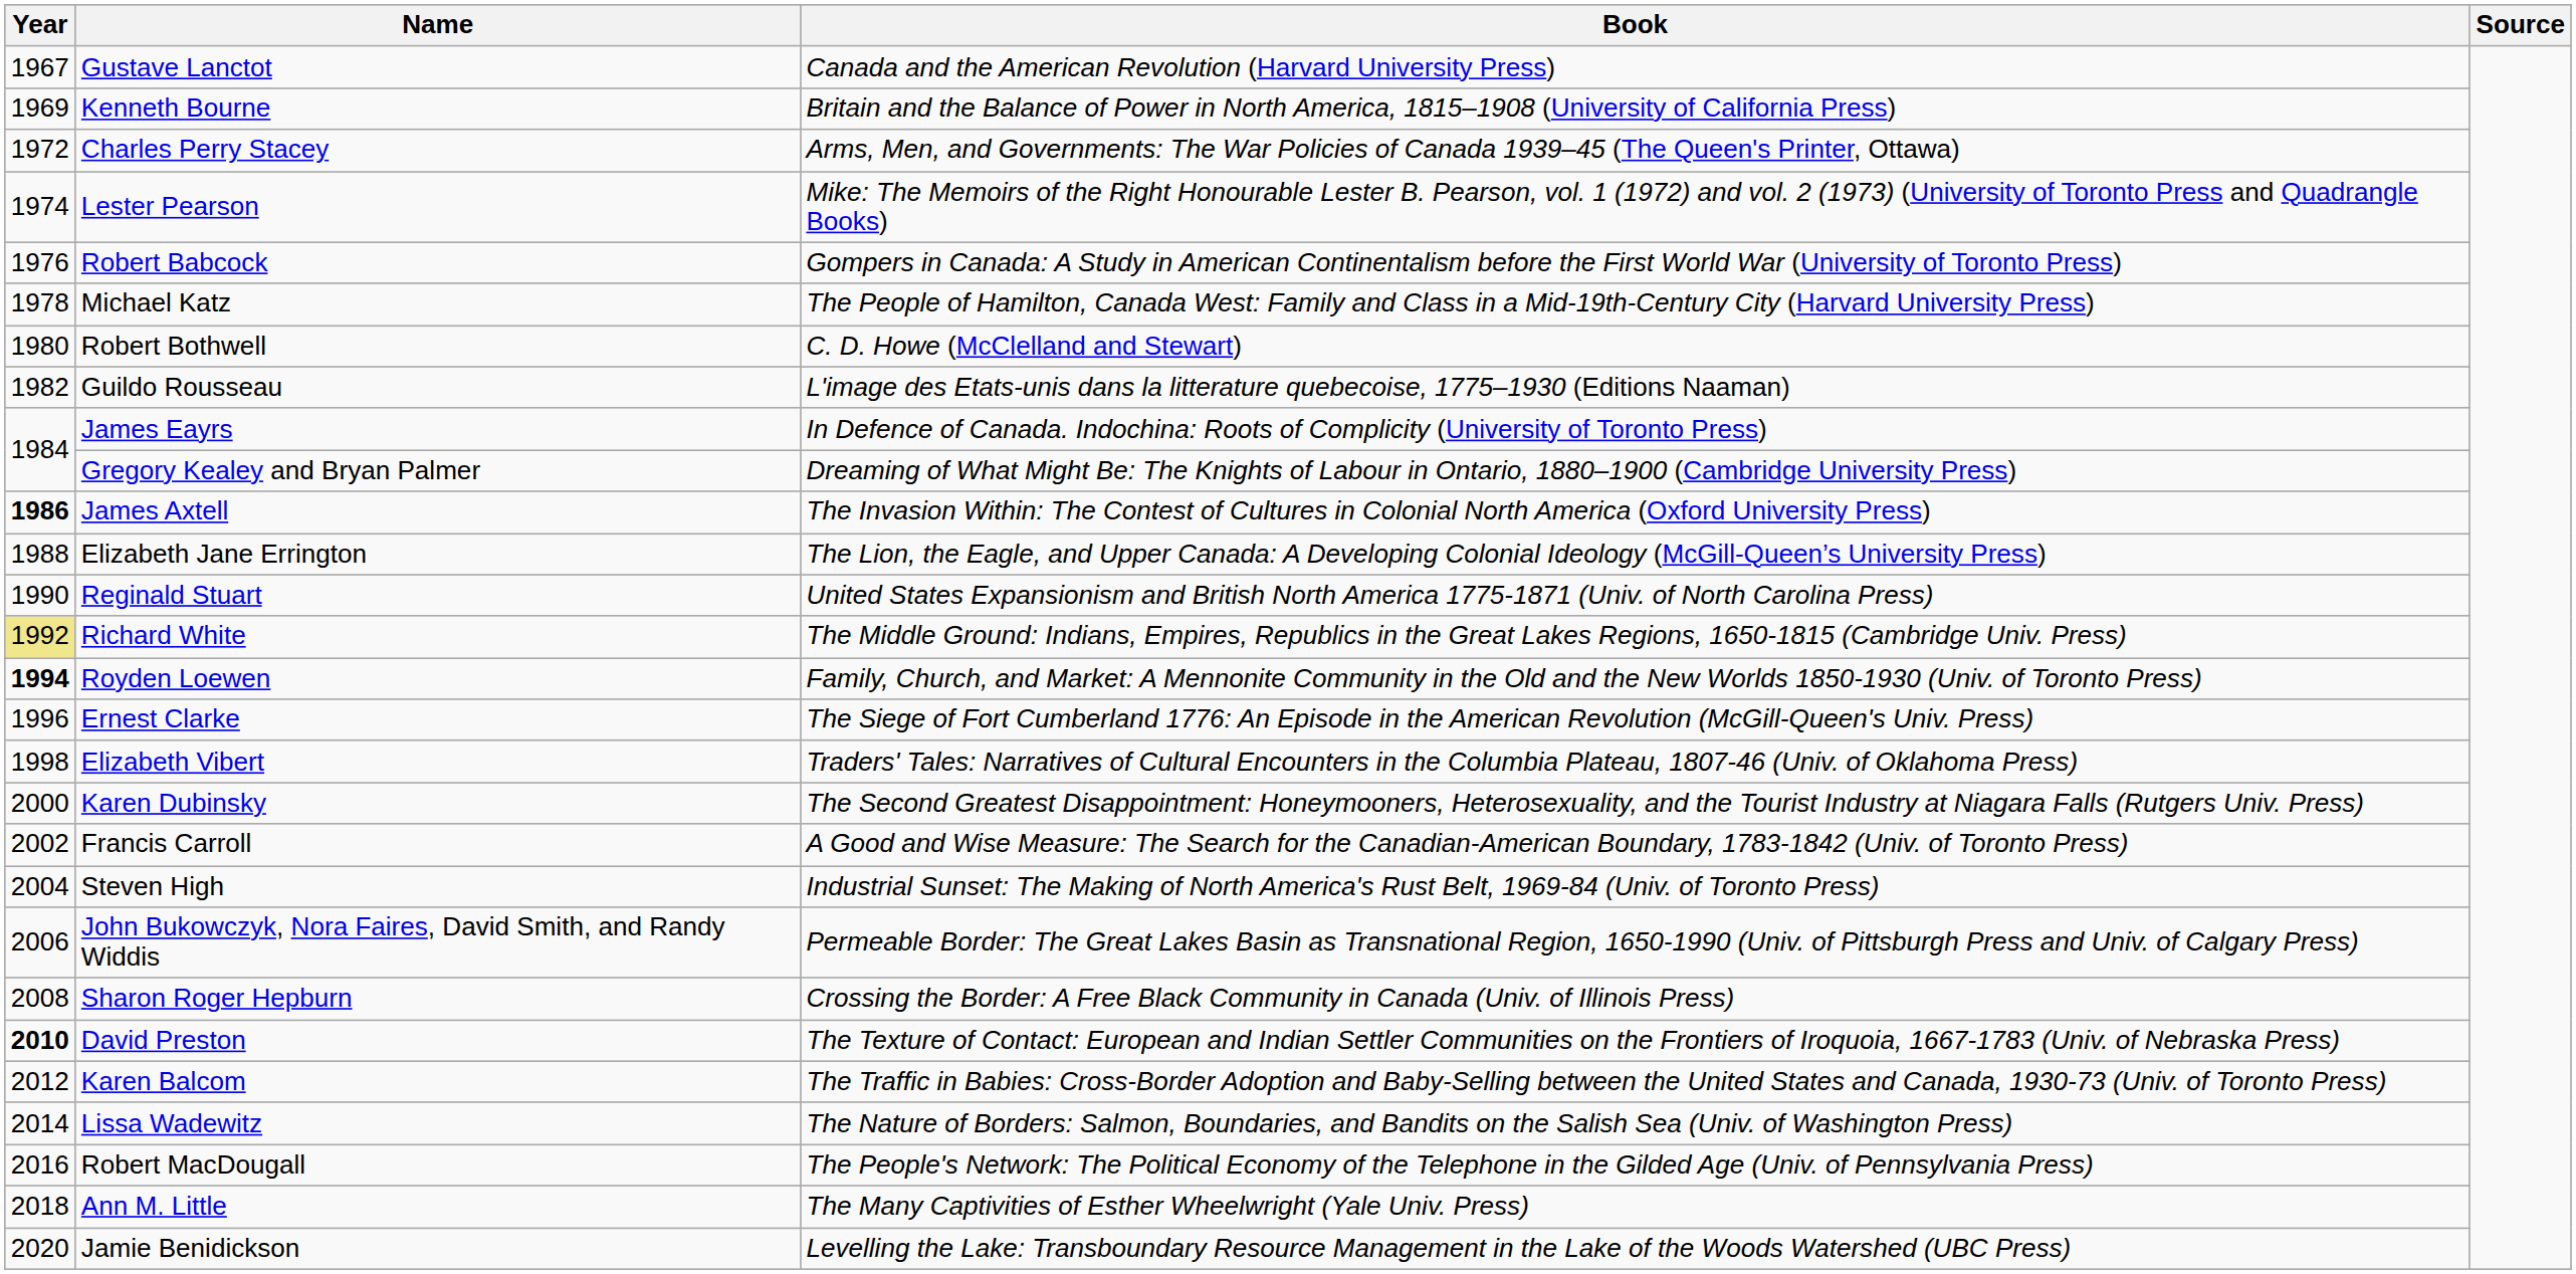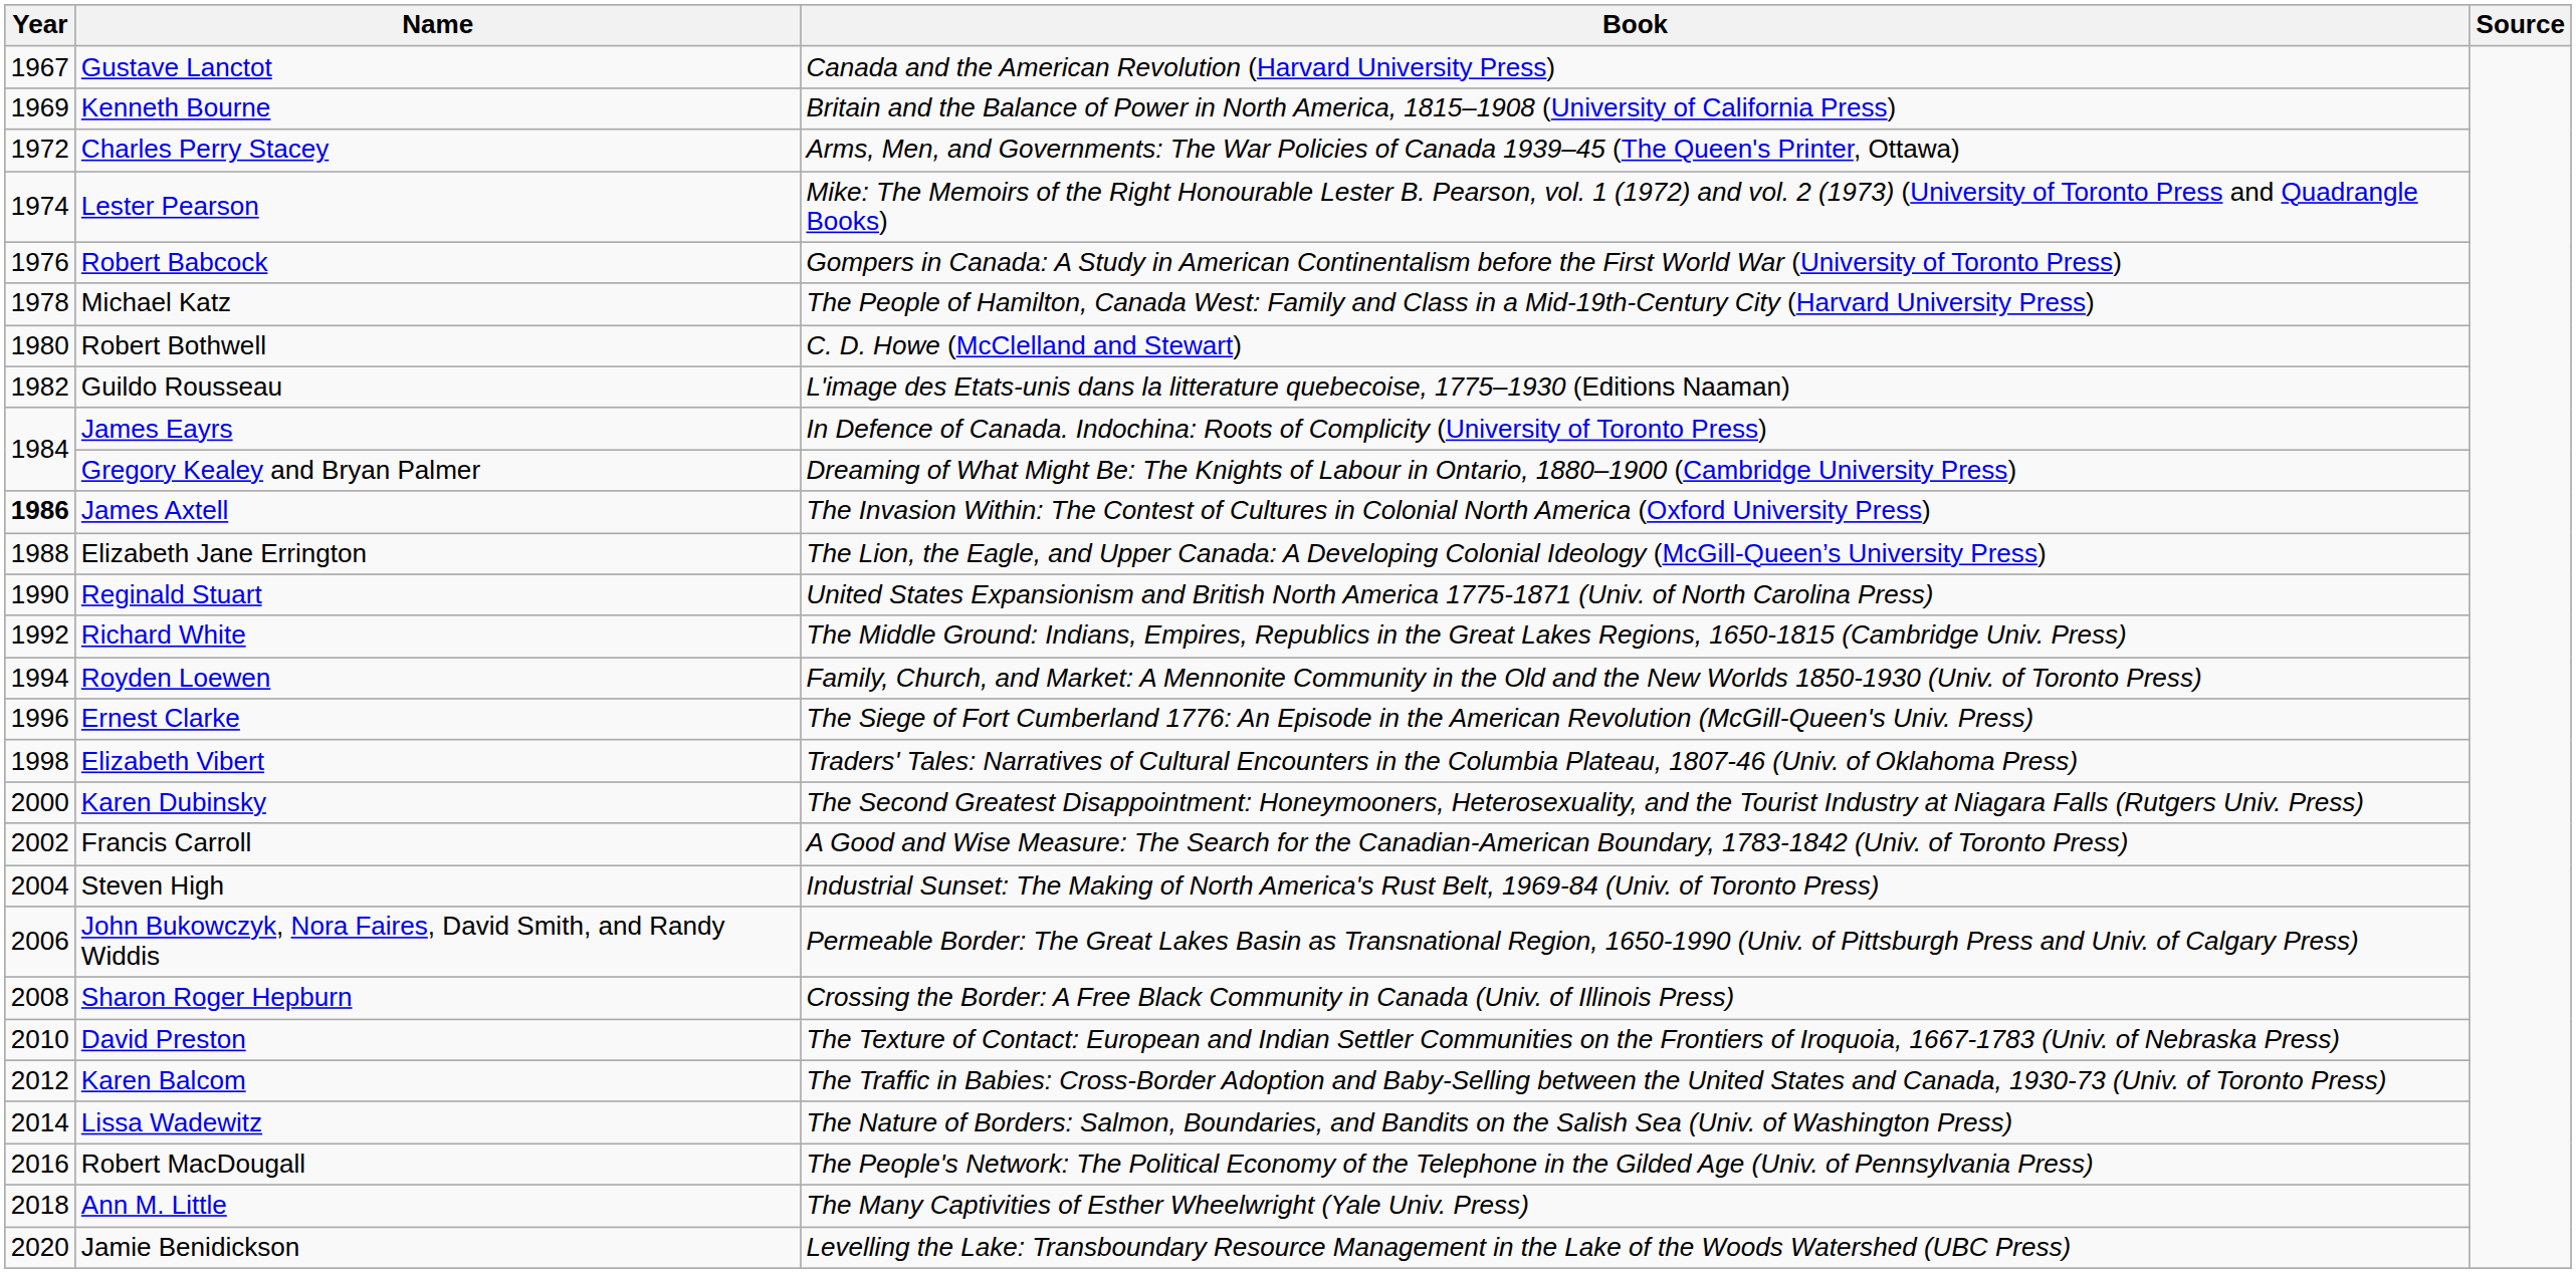 <table class="wikitable sortable">
 <tr>
 <th>Year</th>
 <th>Name</th>
 <th>Book</th>
 <th>Source</th>
 </tr>
 <tr>
 <td>1967</td>
 <td><a href='#'>Gustave Lanctot</a></td>
 <td><em>Canada and the American Revolution</em> (<a href='#'>Harvard University Press</a>)</td>
 <td rowspan="28"></td>
 </tr>
 <tr>
 <td>1969</td>
 <td><a href='#'>Kenneth Bourne</a></td>
 <td><em>Britain and the Balance of Power in North America, 1815–1908</em> (<a href='#'>University of California Press</a>)</td>
 </tr>
 <tr>
 <td>1972</td>
 <td><a href='#'>Charles Perry Stacey</a></td>
 <td><em>Arms, Men, and Governments: The War Policies of Canada 1939–45</em> (<a href='#'>The Queen's Printer</a>, Ottawa)</td>
 </tr>
 <tr>
 <td>1974</td>
 <td><a href='#'>Lester Pearson</a></td>
 <td><em>Mike: The Memoirs of the Right Honourable Lester B. Pearson, vol. 1 (1972) and vol. 2 (1973)</em> (<a href='#'>University of Toronto Press</a> and <a href='#'>Quadrangle Books</a>)</td>
 </tr>
 <tr>
 <td>1976</td>
 <td><a href='#'>Robert Babcock</a></td>
 <td><em>Gompers in Canada: A Study in American Continentalism before the First World War</em> (<a href='#'>University of Toronto Press</a>)</td>
 </tr>
 <tr>
 <td>1978</td>
 <td>Michael Katz</td>
 <td><em>The People of Hamilton, Canada West: Family and Class in a Mid-19th-Century City</em> (<a href='#'>Harvard University Press</a>)</td>
 </tr>
 <tr>
 <td>1980</td>
 <td>Robert Bothwell</td>
 <td><em>C. D. Howe</em> (<a href='#'>McClelland and Stewart</a>)</td>
 </tr>
 <tr>
 <td>1982</td>
 <td>Guildo Rousseau</td>
 <td><em>L'image des Etats-unis dans la litterature quebecoise, 1775–1930</em> (Editions Naaman)</td>
 </tr>
 <tr>
 <td rowspan="2">1984</td>
 <td><a href='#'>James Eayrs</a></td>
 <td><em>In Defence of Canada. Indochina: Roots of Complicity</em> (<a href='#'>University of Toronto Press</a>)</td>
 </tr>
 <tr>
 <td><a href='#'>Gregory Kealey</a> and Bryan Palmer</td>
 <td><em>Dreaming of What Might Be: The Knights of Labour in Ontario, 1880–1900</em> (<a href='#'>Cambridge University Press</a>)</td>
 </tr>
 <tr>
 <td><strong>1986</strong></td>
 <td><a href='#'>James Axtell</a></td>
 <td><em>The Invasion Within: The Contest of Cultures in Colonial North America</em>  (<a href='#'>Oxford University Press</a>)</td>
 </tr>
 <tr>
 <td>1988</td>
 <td>Elizabeth Jane Errington</td>
 <td><em>The Lion, the Eagle, and Upper Canada: A Developing Colonial Ideology</em> (<a href='#'>McGill-Queen’s University Press</a>)</td>
 </tr>
 <tr>
 <td>1990</td>
 <td><a href='#'>Reginald Stuart</a></td>
 <td><em>United States Expansionism and British North America 1775-1871 (Univ. of North Carolina Press)</em></td>
 </tr>
 <tr>
-<td style="background: khaki;">1992</td>
+<td>1992</td>
 <td><a href='#'>Richard White</a></td>
 <td><em>The Middle Ground: Indians, Empires, Republics in the Great Lakes Regions, 1650-1815 (Cambridge Univ. Press)</em></td>
 </tr>
 <tr>
-<td><strong>1994</strong></td>
+<td>1994</td>
 <td><a href='#'>Royden Loewen</a></td>
 <td><em>Family, Church, and Market: A Mennonite Community in the Old and the New Worlds 1850-1930 (Univ. of Toronto Press)</em></td>
 </tr>
 <tr>
 <td>1996</td>
 <td><a href='#'>Ernest Clarke</a></td>
 <td><em>The Siege of Fort Cumberland 1776: An Episode in the American Revolution (McGill-Queen's Univ. Press)</em></td>
 </tr>
 <tr>
 <td>1998</td>
 <td><a href='#'>Elizabeth Vibert</a></td>
 <td><em>Traders' Tales: Narratives of Cultural Encounters in the Columbia Plateau, 1807-46 (Univ. of Oklahoma Press)</em></td>
 </tr>
 <tr>
 <td>2000</td>
 <td><a href='#'>Karen Dubinsky</a></td>
 <td><em>The Second Greatest Disappointment: Honeymooners, Heterosexuality, and the Tourist Industry at Niagara Falls (Rutgers Univ. Press)</em></td>
 </tr>
 <tr>
 <td>2002</td>
 <td>Francis Carroll</td>
 <td><em>A Good and Wise Measure: The Search for the Canadian-American Boundary, 1783-1842 (Univ. of Toronto Press)</em></td>
 </tr>
 <tr>
 <td>2004</td>
 <td>Steven High</td>
 <td><em>Industrial Sunset: The Making of North America's Rust Belt, 1969-84 (Univ. of Toronto Press)</em></td>
 </tr>
 <tr>
 <td>2006</td>
 <td><a href='#'>John Bukowczyk</a>, <a href='#'>Nora Faires</a>, David Smith, and Randy Widdis</td>
 <td><em>Permeable Border: The Great Lakes Basin as Transnational Region, 1650-1990 (Univ. of Pittsburgh Press and Univ. of Calgary Press)</em></td>
 </tr>
 <tr>
 <td>2008</td>
 <td><a href='#'>Sharon Roger Hepburn</a></td>
 <td><em>Crossing the Border: A Free Black Community in Canada (Univ. of Illinois Press)</em></td>
 </tr>
 <tr>
-<td><strong>2010</strong></td>
+<td>2010</td>
 <td><a href='#'>David Preston</a></td>
 <td><em>The Texture of Contact: European and Indian Settler Communities on the Frontiers of Iroquoia, 1667-1783 (Univ. of Nebraska Press)</em></td>
 </tr>
 <tr>
 <td>2012</td>
 <td><a href='#'>Karen Balcom</a></td>
 <td><em>The Traffic in Babies: Cross-Border Adoption and Baby-Selling between the United States and Canada, 1930-73 (Univ. of Toronto Press)</em></td>
 </tr>
 <tr>
 <td>2014</td>
 <td><a href='#'>Lissa Wadewitz</a></td>
 <td><em>The Nature of Borders: Salmon, Boundaries, and Bandits on the Salish Sea (Univ. of Washington Press)</em></td>
 </tr>
 <tr>
 <td>2016</td>
 <td>Robert MacDougall</td>
 <td><em>The People's Network: The Political Economy of the Telephone in the Gilded Age (Univ. of Pennsylvania Press)</em></td>
 </tr>
 <tr>
 <td>2018</td>
 <td><a href='#'>Ann M. Little</a></td>
 <td><em>The Many Captivities of Esther Wheelwright (Yale Univ. Press)</em></td>
 </tr>
 <tr>
 <td>2020</td>
 <td>Jamie Benidickson</td>
 <td><em>Levelling the Lake: Transboundary Resource Management in the Lake of the Woods Watershed (UBC Press)</em></td>
 </tr>
 </table>
